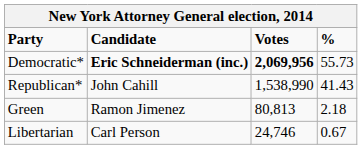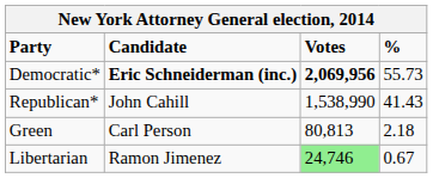 <table class="wikitable">
 <tr>
 <th colspan="4">New York Attorney General election, 2014</th>
 </tr>
 <tr>
 <td><strong>Party</strong></td>
 <td><strong>Candidate</strong></td>
 <td><strong>Votes</strong></td>
 <td><strong>%</strong></td>
 </tr>
 <tr>
 <td>Democratic*</td>
 <td><strong>Eric Schneiderman (inc.)</strong></td>
 <td><strong>2,069,956</strong></td>
 <td>55.73</td>
 </tr>
 <tr>
 <td>Republican*</td>
 <td>John Cahill</td>
 <td>1,538,990</td>
 <td>41.43</td>
 </tr>
 <tr>
 <td>Green</td>
-<td>Ramon Jimenez</td>
+<td>Carl Person</td>
 <td>80,813</td>
 <td>2.18</td>
 </tr>
 <tr>
 <td>Libertarian</td>
-<td>Carl Person</td>
-<td>24,746</td>
+<td>Ramon Jimenez</td>
+<td style="background: lightgreen;">24,746</td>
 <td>0.67</td>
 </tr>
 </table>
